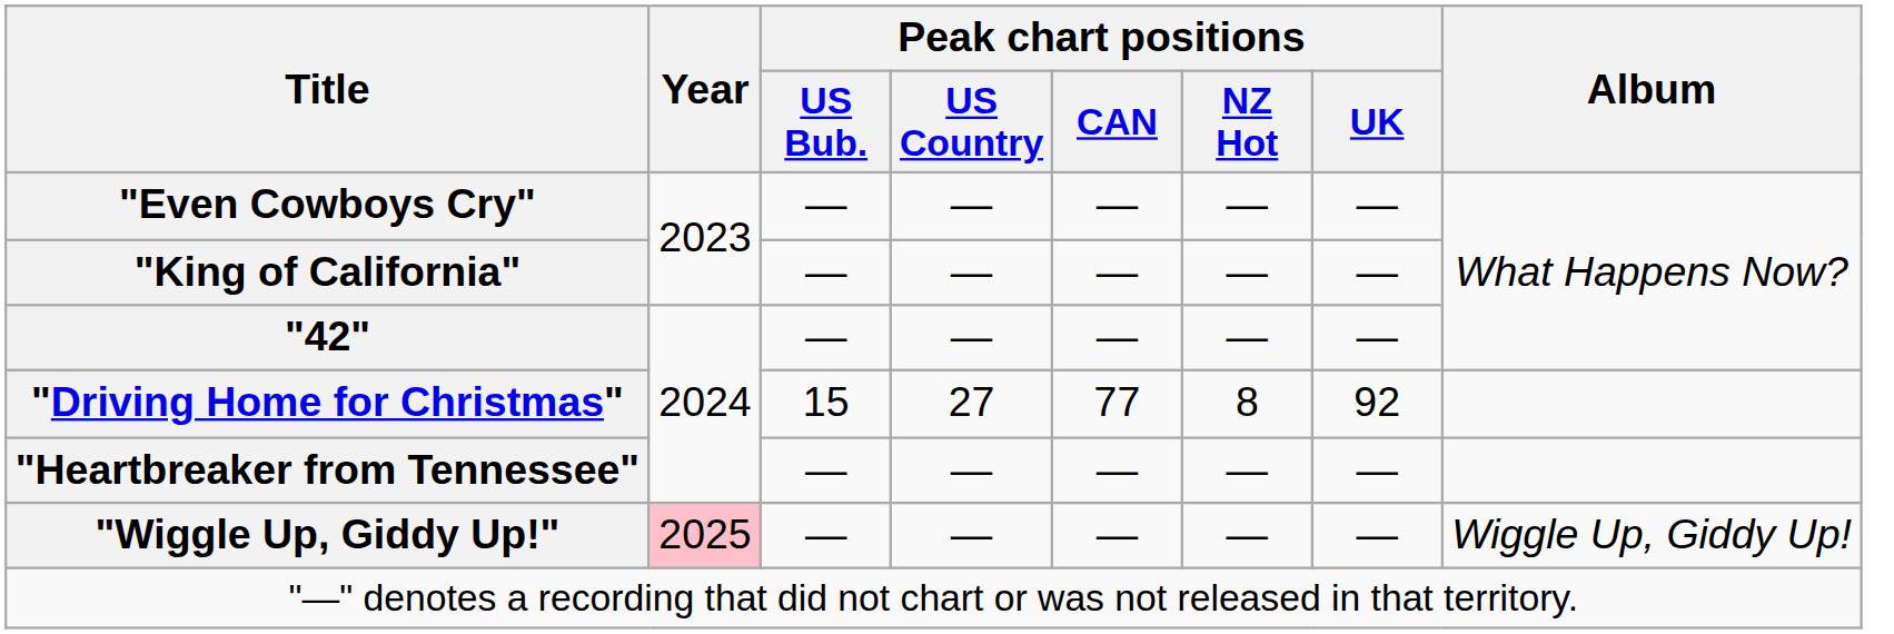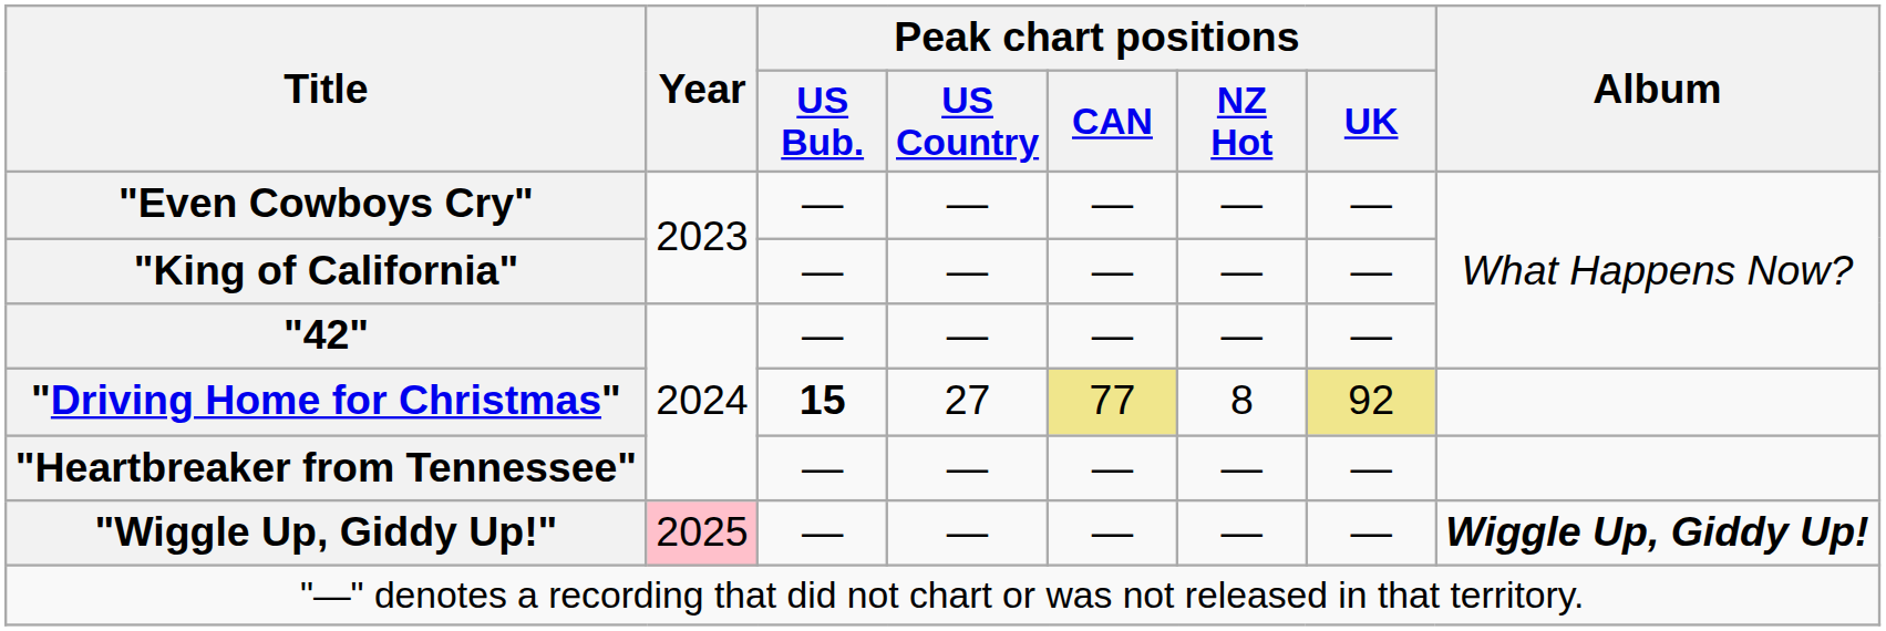 <table class="wikitable plainrowheaders" style="text-align:center">
 <tr>
 <th scope="col" rowspan="2">Title</th>
 <th scope="col" rowspan="2">Year</th>
 <th scope="col" colspan="5">Peak chart positions</th>
 <th scope="col" rowspan="2">Album</th>
 </tr>
 <tr>
 <th scope="col" style="width:3em;font-size:90%;"><a href='#'>US<br>Bub.</a><br></th>
 <th scope="col" style="width:3em;font-size:90%;"><a href='#'>US<br>Country</a><br></th>
 <th scope="col" style="width:3em;font-size:90%;"><a href='#'>CAN</a><br></th>
 <th scope="col" style="width:3em;font-size:90%;"><a href='#'>NZ<br>Hot</a><br></th>
 <th scope="col" style="width:3em;font-size:90%;"><a href='#'>UK</a><br></th>
 </tr>
 <tr>
 <th scope="row">"Even Cowboys Cry"</th>
 <td rowspan="2">2023</td>
 <td>—</td>
 <td>—</td>
 <td>—</td>
 <td>—</td>
 <td>—</td>
 <td rowspan="3"><em>What Happens Now?</em></td>
 </tr>
 <tr>
 <th scope="row">"King of California"</th>
 <td>—</td>
 <td>—</td>
 <td>—</td>
 <td>—</td>
 <td>—</td>
 </tr>
 <tr>
 <th scope="row">"42"</th>
 <td rowspan="3">2024</td>
 <td>—</td>
 <td>—</td>
 <td>—</td>
 <td>—</td>
 <td>—</td>
 </tr>
 <tr>
 <th scope="row">"<a href='#'>Driving Home for Christmas</a>"</th>
-<td>15</td>
+<td><strong>15</strong></td>
 <td>27</td>
-<td>77</td>
+<td style="background: khaki;">77</td>
 <td>8</td>
-<td>92</td>
+<td style="background: khaki;">92</td>
 <td></td>
 </tr>
 <tr>
 <th scope="row">"Heartbreaker from Tennessee"</th>
 <td>—</td>
 <td>—</td>
 <td>—</td>
 <td>—</td>
 <td>—</td>
 <td></td>
 </tr>
 <tr>
 <th scope="row">"Wiggle Up, Giddy Up!"<br></th>
 <td style="background: pink;">2025</td>
 <td>—</td>
 <td>—</td>
 <td>—</td>
 <td>—</td>
 <td>—</td>
-<td><em>Wiggle Up, Giddy Up!</em></td>
+<td><strong><em>Wiggle Up, Giddy Up!</em></strong></td>
 </tr>
 <tr>
 <td colspan="8" style="font-size:90%">"—" denotes a recording that did not chart or was not released in that territory.</td>
 </tr>
 </table>
